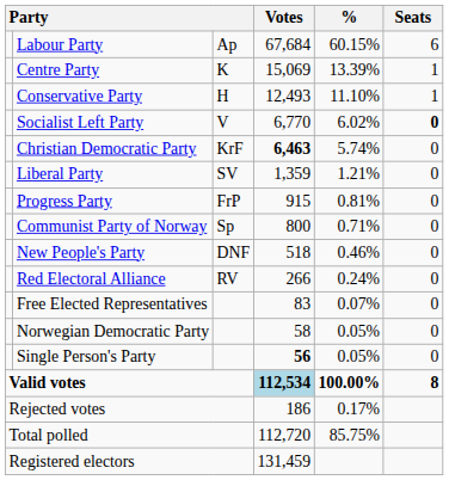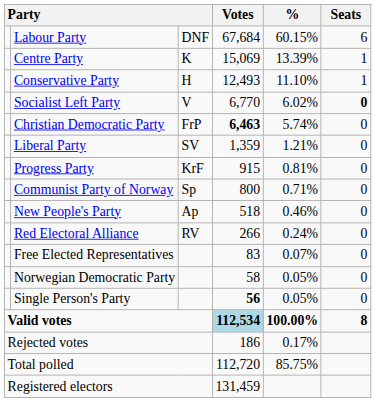 <table class="wikitable" border="1" style="text-align:right;">
 <tr>
 <th style="text-align:left;" colspan=3>Party</th>
 <th align=center width="50">Votes</th>
 <th align=center width="50">%</th>
 <th align=center width="50">Seats</th>
 </tr>
 <tr>
 <td style="color:inherit;background:"></td>
 <td align=left><a href='#'>Labour Party</a></td>
-<td align=left>Ap</td>
+<td align=left>DNF</td>
 <td>67,684</td>
 <td>60.15%</td>
 <td>6</td>
 </tr>
 <tr>
 <td style="color:inherit;background:"></td>
 <td align=left><a href='#'>Centre Party</a></td>
 <td align=left>K</td>
 <td>15,069</td>
 <td>13.39%</td>
 <td>1</td>
 </tr>
 <tr>
 <td style="color:inherit;background:"></td>
 <td align=left><a href='#'>Conservative Party</a></td>
 <td align=left>H</td>
 <td>12,493</td>
 <td>11.10%</td>
 <td>1</td>
 </tr>
 <tr>
 <td style="color:inherit;background:"></td>
 <td align=left><a href='#'>Socialist Left Party</a></td>
 <td align=left>V</td>
 <td>6,770</td>
 <td>6.02%</td>
 <td><strong>0</strong></td>
 </tr>
 <tr>
 <td style="color:inherit;background:"></td>
 <td align=left><a href='#'>Christian Democratic Party</a></td>
-<td align=left>KrF</td>
+<td align=left>FrP</td>
 <td><strong>6,463</strong></td>
 <td>5.74%</td>
 <td>0</td>
 </tr>
 <tr>
 <td style="color:inherit;background:"></td>
 <td align=left><a href='#'>Liberal Party</a></td>
 <td align=left>SV</td>
 <td>1,359</td>
 <td>1.21%</td>
 <td>0</td>
 </tr>
 <tr>
 <td style="color:inherit;background:"></td>
 <td align=left><a href='#'>Progress Party</a></td>
-<td align=left>FrP</td>
+<td align=left>KrF</td>
 <td>915</td>
 <td>0.81%</td>
 <td>0</td>
 </tr>
 <tr>
 <td style="color:inherit;background:"></td>
 <td align=left><a href='#'>Communist Party of Norway</a></td>
 <td align=left>Sp</td>
 <td>800</td>
 <td>0.71%</td>
 <td>0</td>
 </tr>
 <tr>
 <td style="color:inherit;background:"></td>
 <td align=left><a href='#'>New People's Party</a></td>
-<td align=left>DNF</td>
+<td align=left>Ap</td>
 <td>518</td>
 <td>0.46%</td>
 <td>0</td>
 </tr>
 <tr>
 <td style="color:inherit;background:"></td>
 <td align=left><a href='#'>Red Electoral Alliance</a></td>
 <td align=left>RV</td>
 <td>266</td>
 <td>0.24%</td>
 <td>0</td>
 </tr>
 <tr>
 <td></td>
 <td align=left>Free Elected Representatives</td>
 <td align=left></td>
 <td>83</td>
 <td>0.07%</td>
 <td>0</td>
 </tr>
 <tr>
 <td></td>
 <td align=left>Norwegian Democratic Party</td>
 <td align=left></td>
 <td>58</td>
 <td>0.05%</td>
 <td>0</td>
 </tr>
 <tr>
 <td></td>
 <td align=left>Single Person's Party</td>
 <td align=left></td>
 <td><strong>56</strong></td>
 <td>0.05%</td>
 <td>0</td>
 </tr>
 <tr style="font-weight:bold">
 <td align=left colspan=3>Valid votes</td>
 <td style="background: lightblue;">112,534</td>
 <td>100.00%</td>
 <td>8</td>
 </tr>
 <tr>
 <td align=left colspan=3>Rejected votes</td>
 <td>186</td>
 <td>0.17%</td>
 <td></td>
 </tr>
 <tr>
 <td align=left colspan=3>Total polled</td>
 <td>112,720</td>
 <td>85.75%</td>
 <td></td>
 </tr>
 <tr>
 <td align=left colspan=3>Registered electors</td>
 <td>131,459</td>
 <td></td>
 <td></td>
 </tr>
 </table>
